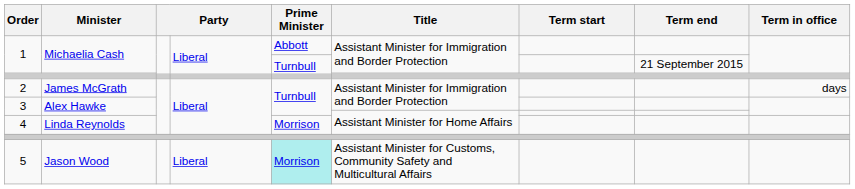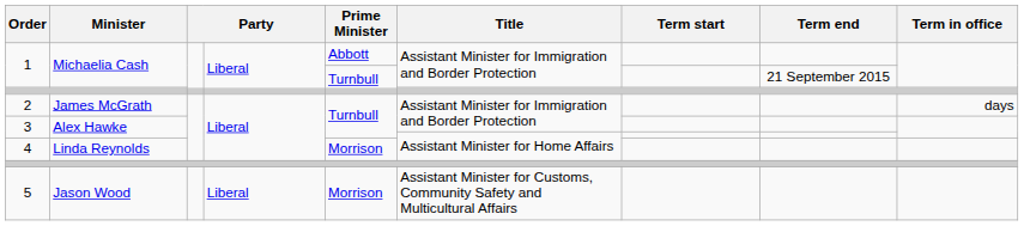 <table class="wikitable">
 <tr>
 <th width=5>Order</th>
 <th width=150>Minister</th>
 <th width=150 colspan=2>Party</th>
 <th width=75>Prime Minister</th>
 <th width=250>Title</th>
 <th width=150>Term start</th>
 <th width=150>Term end</th>
 <th width=130>Term in office</th>
 </tr>
 <tr>
 <td rowspan=2 align=center>1</td>
 <td rowspan=2><a href='#'>Michaelia Cash</a></td>
 <td rowspan="3" ></td>
 <td rowspan=3><a href='#'>Liberal</a></td>
 <td><a href='#'>Abbott</a></td>
 <td rowspan=2>Assistant Minister for Immigration and Border Protection</td>
 <td align=center></td>
 <td align=center></td>
 <td rowspan=2 align=right></td>
 </tr>
 <tr>
 <td rowspan=2><a href='#'>Turnbull</a></td>
 <td align=center></td>
 <td align=center>21 September 2015</td>
 </tr>
 <tr>
 <th colspan=9 style="background: #cccccc;"></th>
 </tr>
 <tr>
 <td align=center>2</td>
 <td><a href='#'>James McGrath</a></td>
 <td rowspan="4" ></td>
 <td rowspan=4><a href='#'>Liberal</a></td>
 <td rowspan=3><a href='#'>Turnbull</a></td>
 <td rowspan=2>Assistant Minister for Immigration and Border Protection</td>
 <td align=center></td>
 <td align=center></td>
 <td align=right> days</td>
 </tr>
 <tr>
 <td rowspan=2 align=center>3</td>
 <td rowspan=2><a href='#'>Alex Hawke</a></td>
 <td align=center></td>
 <td align=center></td>
 <td align=right rowspan=2></td>
 </tr>
 <tr>
 <td rowspan=2>Assistant Minister for Home Affairs</td>
 <td align=center></td>
 <td align=center></td>
 </tr>
 <tr>
 <td align=center>4</td>
 <td><a href='#'>Linda Reynolds</a> </td>
 <td><a href='#'>Morrison</a></td>
 <td align=center></td>
 <td align=center></td>
 <td align=right></td>
 </tr>
 <tr>
 <th colspan=9 style="background: #cccccc;"></th>
 </tr>
 <tr>
 <td align=center>5</td>
 <td><a href='#'>Jason Wood</a></td>
 <td rowspan="1" ></td>
 <td rowspan=1><a href='#'>Liberal</a></td>
-<td style="background: paleturquoise;"><a href='#'>Morrison</a></td>
+<td><a href='#'>Morrison</a></td>
 <td rowspan=1>Assistant Minister for Customs, Community Safety and Multicultural Affairs</td>
 <td align=center></td>
 <td align=center></td>
 <td align=right><strong></strong></td>
 </tr>
 </table>
